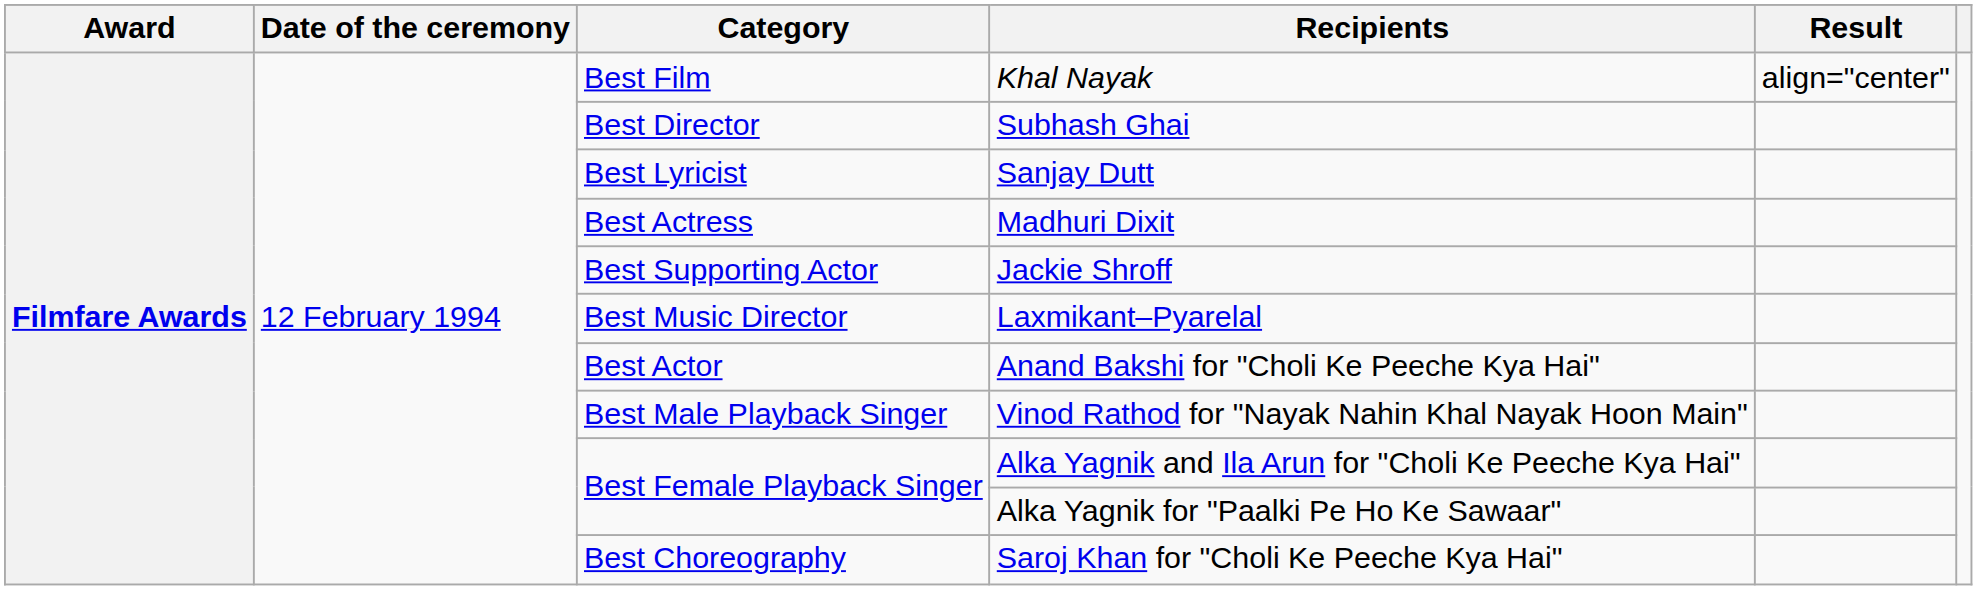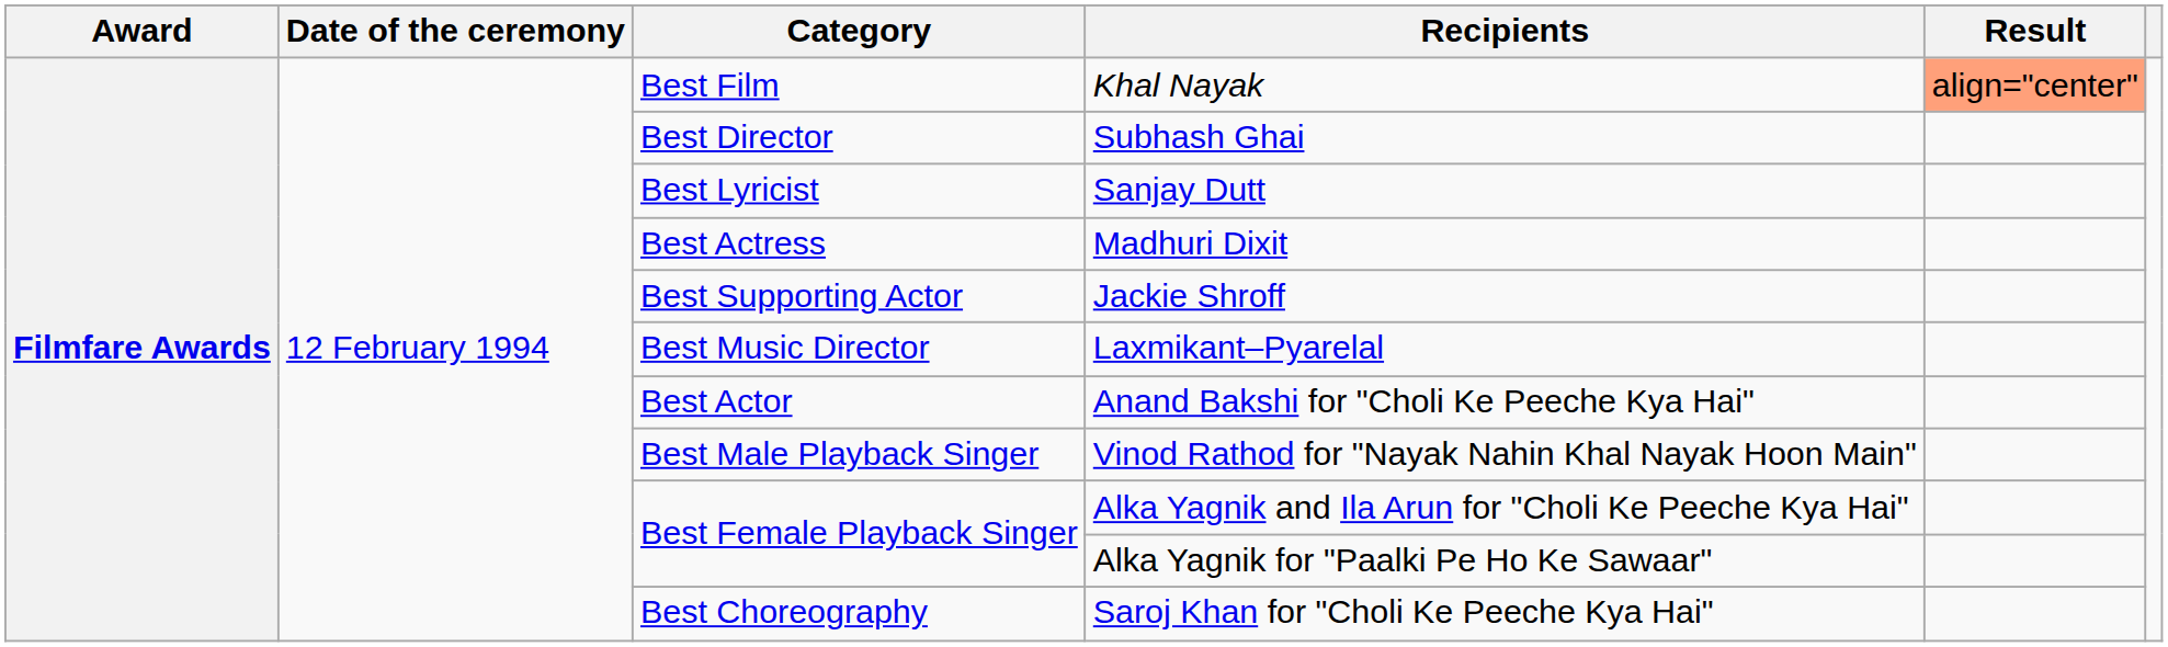 <table class="wikitable plainrowheaders sortable">
 <tr>
 <th scope="col">Award</th>
 <th scope="col">Date of the ceremony</th>
 <th scope="col">Category</th>
 <th scope="col">Recipients</th>
 <th scope="col">Result</th>
 <th class="unsortable" scope="col"></th>
 </tr>
 <tr>
 <th rowspan="11" scope="row"><a href='#'>Filmfare Awards</a></th>
 <td rowspan="11"><a href='#'>12 February 1994</a></td>
 <td><a href='#'>Best Film</a></td>
 <td><em>Khal Nayak</em></td>
-<td>align="center" </td>
+<td style="background: lightsalmon;">align="center" </td>
 <td rowspan="11"></td>
 </tr>
 <tr>
 <td><a href='#'>Best Director</a></td>
 <td><a href='#'>Subhash Ghai</a></td>
 <td></td>
 </tr>
 <tr>
 <td><a href='#'>Best Lyricist</a></td>
 <td><a href='#'>Sanjay Dutt</a></td>
 <td></td>
 </tr>
 <tr>
 <td><a href='#'>Best Actress</a></td>
 <td><a href='#'>Madhuri Dixit</a></td>
 <td></td>
 </tr>
 <tr>
 <td><a href='#'>Best Supporting Actor</a></td>
 <td><a href='#'>Jackie Shroff</a></td>
 <td></td>
 </tr>
 <tr>
 <td><a href='#'>Best Music Director</a></td>
 <td><a href='#'>Laxmikant–Pyarelal</a></td>
 <td></td>
 </tr>
 <tr>
 <td><a href='#'>Best Actor</a></td>
 <td><a href='#'>Anand Bakshi</a> for "Choli Ke Peeche Kya Hai"</td>
 <td></td>
 </tr>
 <tr>
 <td><a href='#'>Best Male Playback Singer</a></td>
 <td><a href='#'>Vinod Rathod</a> for "Nayak Nahin Khal Nayak Hoon Main"</td>
 <td></td>
 </tr>
 <tr>
 <td rowspan="2"><a href='#'>Best Female Playback Singer</a></td>
 <td><a href='#'>Alka Yagnik</a> and <a href='#'>Ila Arun</a> for "Choli Ke Peeche Kya Hai"</td>
 <td></td>
 </tr>
 <tr>
 <td>Alka Yagnik for "Paalki Pe Ho Ke Sawaar"</td>
 <td></td>
 </tr>
 <tr>
 <td><a href='#'>Best Choreography</a></td>
 <td><a href='#'>Saroj Khan</a> for "Choli Ke Peeche Kya Hai"</td>
 <td></td>
 </tr>
 </table>
